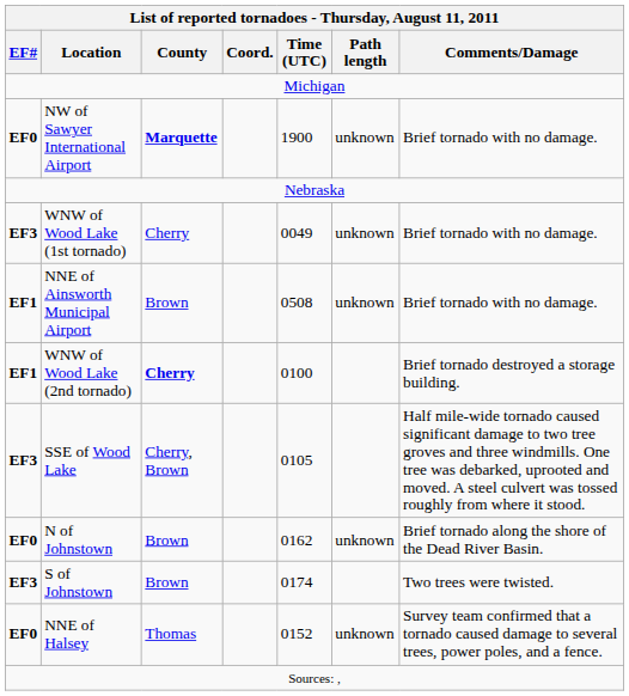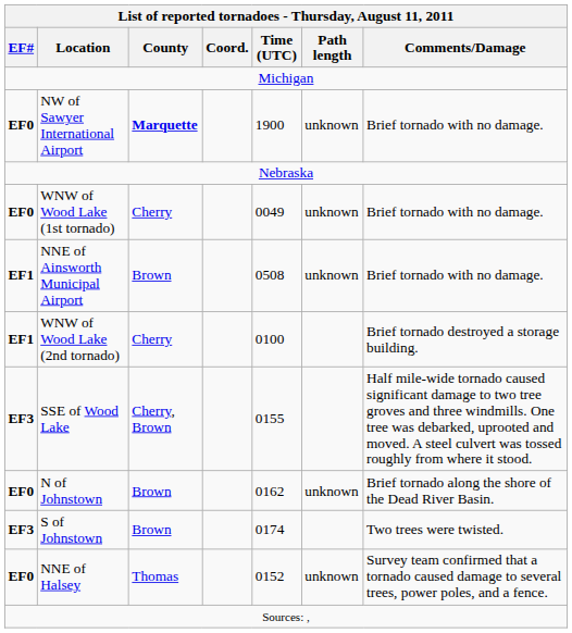 <table class="wikitable collapsible" width="100%">
 <tr>
 <th colspan="7">List of reported tornadoes - Thursday, August 11, 2011</th>
 </tr>
 <tr>
 <th><a href='#'>EF#</a></th>
 <th>Location</th>
 <th>County</th>
 <th>Coord.</th>
 <th>Time (UTC)</th>
 <th>Path length</th>
 <th>Comments/Damage</th>
 </tr>
 <tr>
 <td colspan="7" align=center><a href='#'>Michigan</a></td>
 </tr>
 <tr>
 <td><strong>EF0</strong></td>
 <td>NW of <a href='#'>Sawyer International Airport</a></td>
 <td><strong><a href='#'>Marquette</a></strong></td>
 <td></td>
 <td>1900</td>
 <td>unknown</td>
 <td>Brief tornado with no damage.</td>
 </tr>
 <tr>
 <td colspan="7" align=center><a href='#'>Nebraska</a></td>
 </tr>
 <tr>
-<td><strong>EF3</strong></td>
+<td><strong>EF0</strong></td>
 <td>WNW of <a href='#'>Wood Lake</a> (1st tornado)</td>
 <td><a href='#'>Cherry</a></td>
 <td></td>
 <td>0049</td>
 <td>unknown</td>
 <td>Brief tornado with no damage.</td>
 </tr>
 <tr>
 <td><strong>EF1</strong></td>
 <td>NNE of <a href='#'>Ainsworth Municipal Airport</a></td>
 <td><a href='#'>Brown</a></td>
 <td></td>
 <td>0508</td>
 <td>unknown</td>
 <td>Brief tornado with no damage.</td>
 </tr>
 <tr>
 <td><strong>EF1</strong></td>
 <td>WNW of <a href='#'>Wood Lake</a> (2nd tornado)</td>
-<td><strong><a href='#'>Cherry</a></strong></td>
+<td><a href='#'>Cherry</a></td>
 <td></td>
 <td>0100</td>
 <td></td>
 <td>Brief tornado destroyed a storage building.</td>
 </tr>
 <tr>
 <td><strong>EF3</strong></td>
 <td>SSE of <a href='#'>Wood Lake</a></td>
 <td><a href='#'>Cherry</a>, <a href='#'>Brown</a></td>
 <td></td>
-<td>0105</td>
+<td>0155</td>
 <td></td>
 <td>Half mile-wide tornado caused significant damage to two tree groves and three windmills. One tree was debarked, uprooted and moved. A steel culvert was tossed roughly  from where it stood.</td>
 </tr>
 <tr>
 <td><strong>EF0</strong></td>
 <td>N of <a href='#'>Johnstown</a></td>
 <td><a href='#'>Brown</a></td>
 <td></td>
 <td>0162</td>
 <td>unknown</td>
 <td>Brief tornado along the shore of the Dead River Basin.</td>
 </tr>
 <tr>
 <td><strong>EF3</strong></td>
 <td>S of <a href='#'>Johnstown</a></td>
 <td><a href='#'>Brown</a></td>
 <td></td>
 <td>0174</td>
 <td></td>
 <td>Two trees were twisted.</td>
 </tr>
 <tr>
 <td><strong>EF0</strong></td>
 <td>NNE of <a href='#'>Halsey</a></td>
 <td><a href='#'>Thomas</a></td>
 <td></td>
 <td>0152</td>
 <td>unknown</td>
 <td>Survey team confirmed that a tornado caused damage to several trees, power poles, and a fence.</td>
 </tr>
 <tr>
 <td colspan="7" align=center><small>Sources: , </small></td>
 </tr>
 </table>
